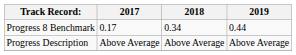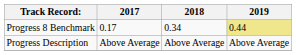 <table class="wikitable">
 <tr>
 <th>Track Record:</th>
 <th>2017</th>
 <th>2018</th>
 <th>2019</th>
 </tr>
 <tr>
 <td>Progress 8 Benchmark</td>
 <td>0.17</td>
 <td>0.34</td>
-<td>0.44</td>
+<td style="background: khaki;">0.44</td>
 </tr>
 <tr>
 <td>Progress Description</td>
 <td>Above Average</td>
 <td>Above Average</td>
 <td>Above Average</td>
 </tr>
 <tr>
 </tr>
 </table>
